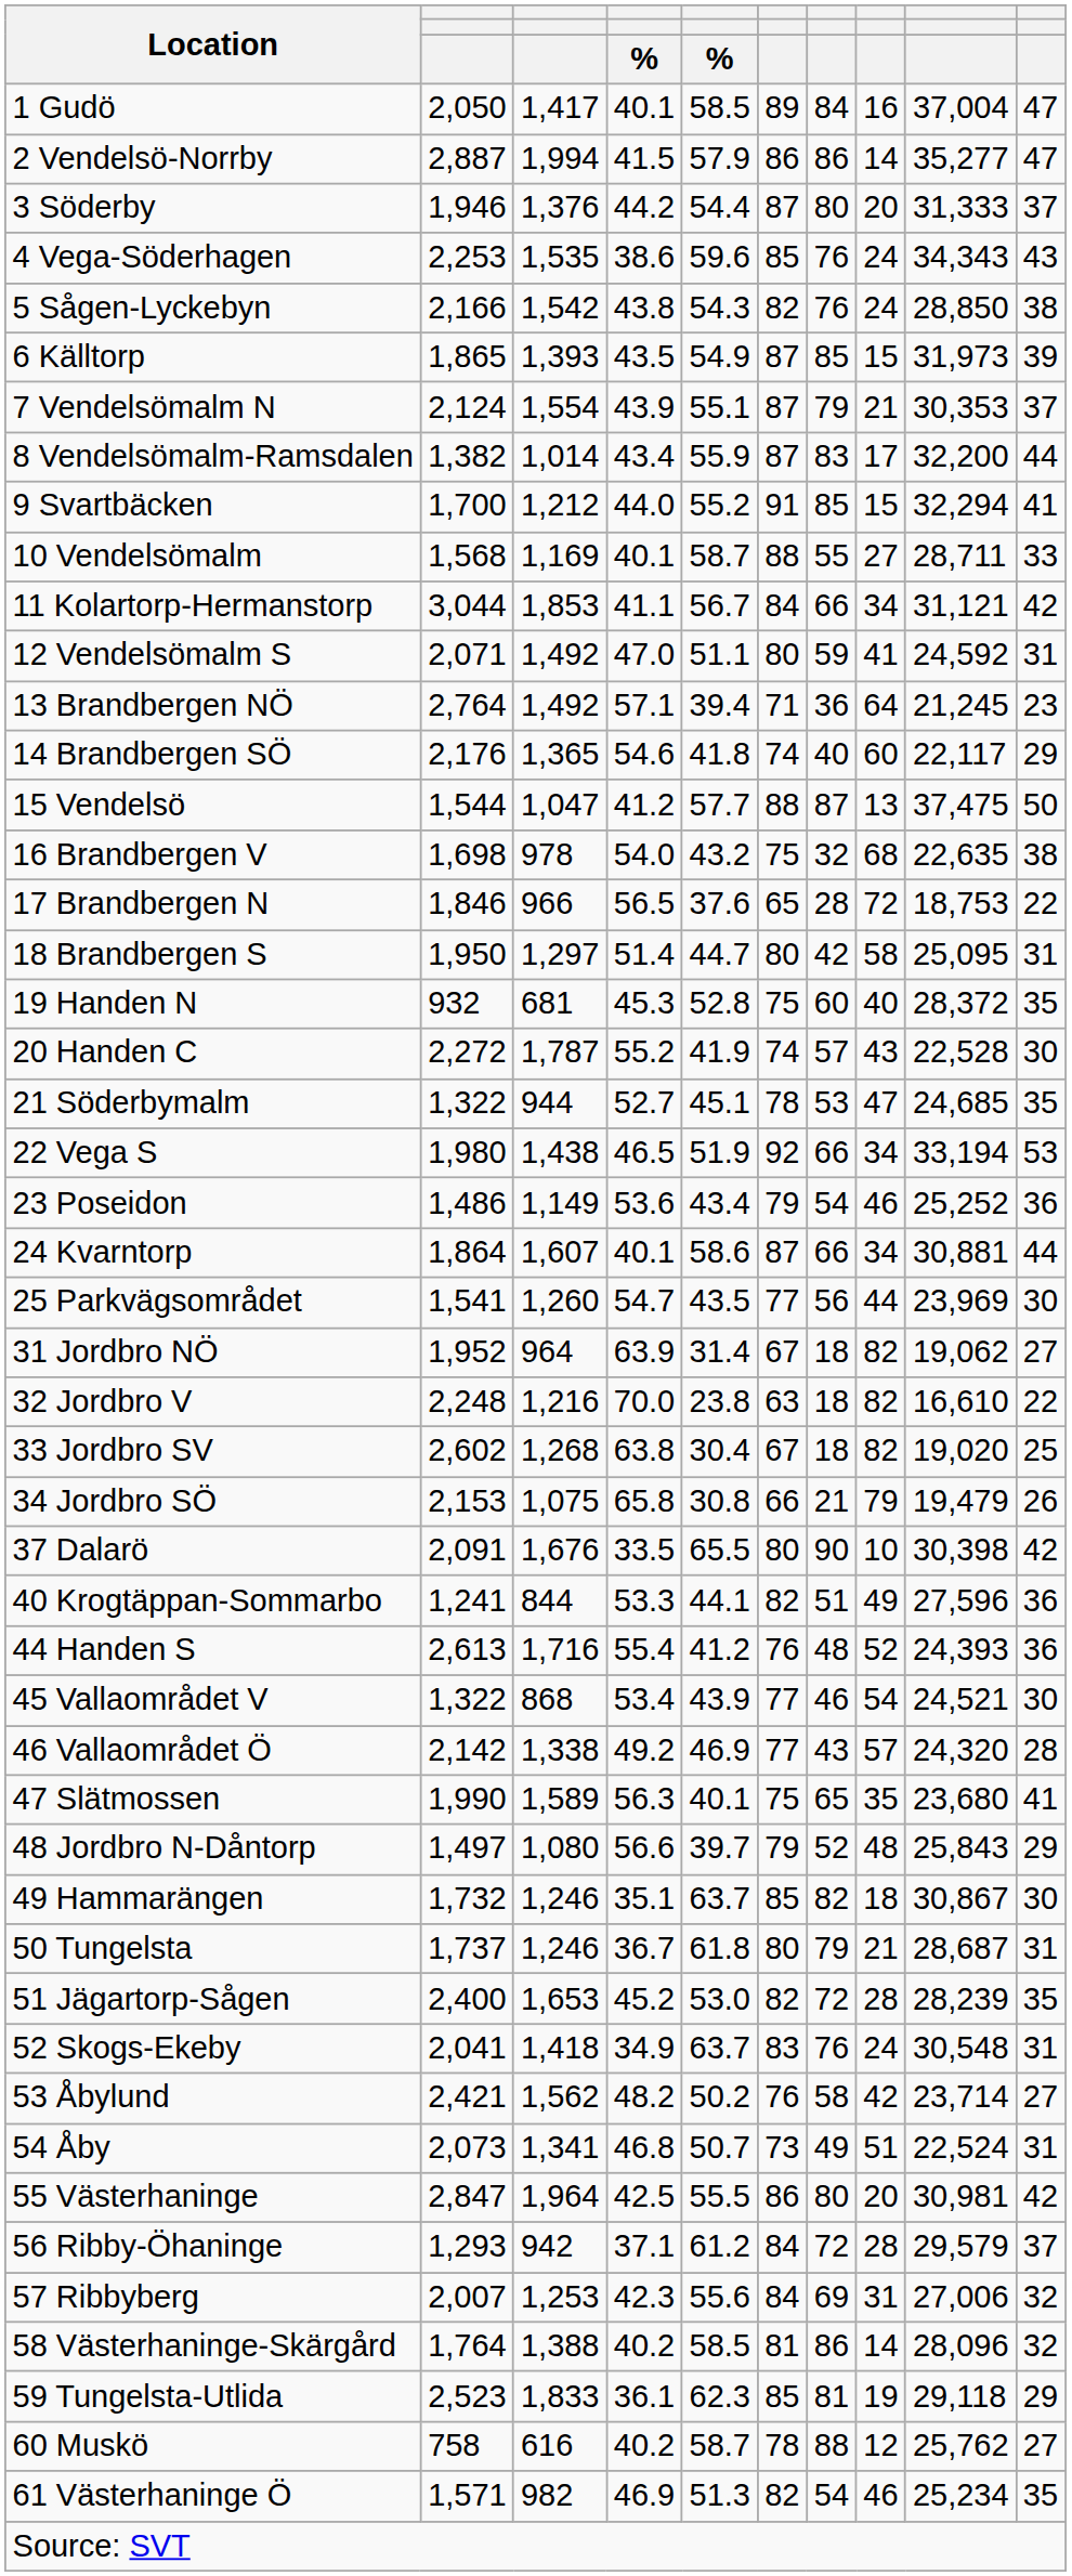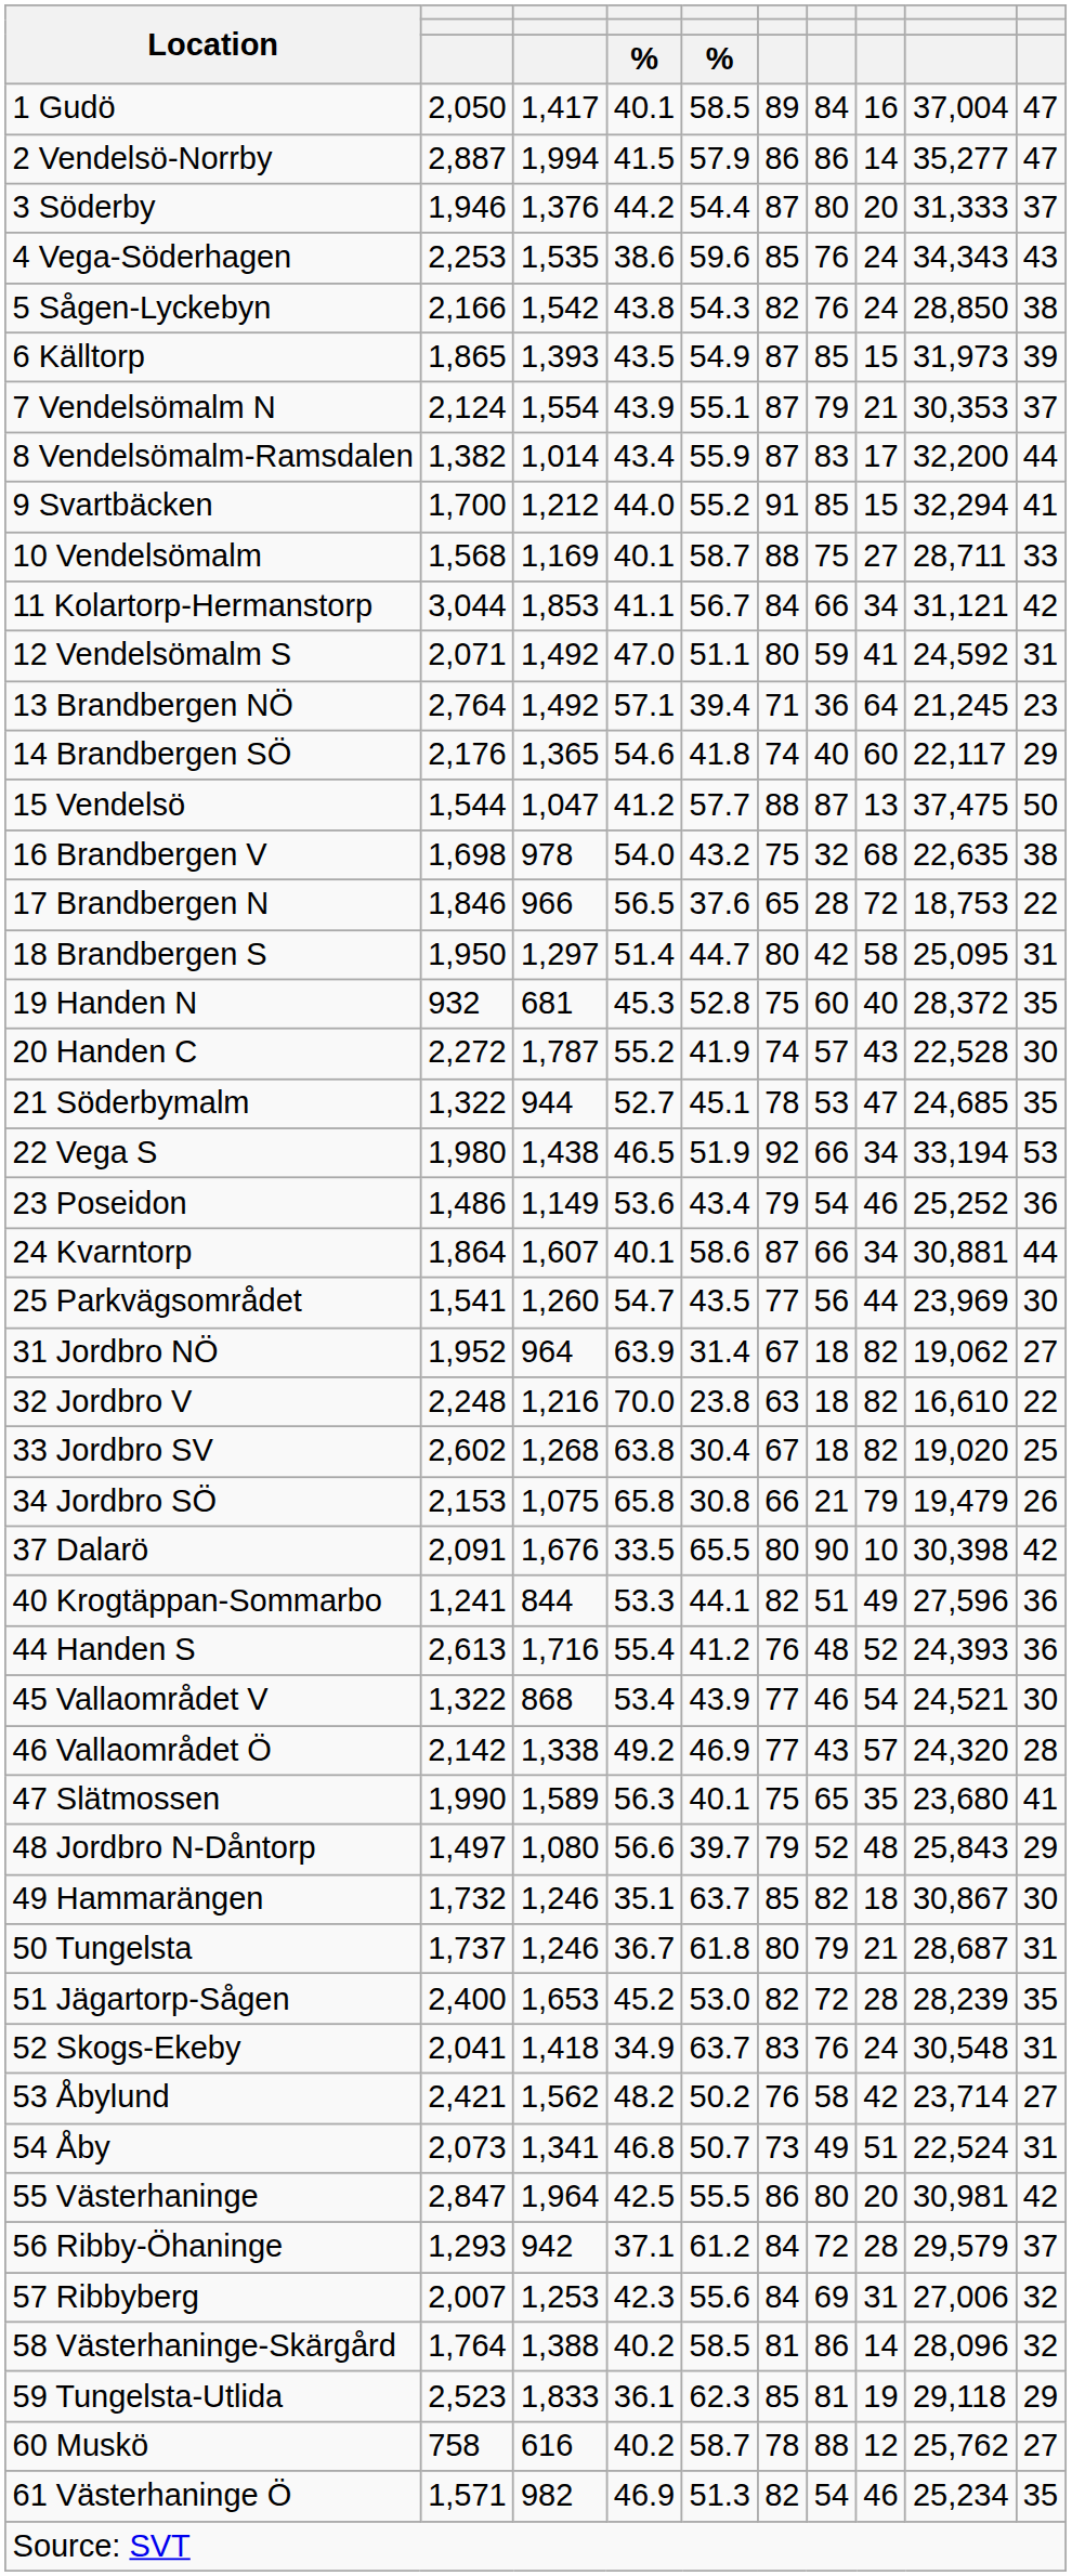 <table role="presentation" class="wikitable sortable mw-collapsible mw-collapsed">
 <tr>
 <th rowspan="3">Location</th>
 <th></th>
 <th></th>
 <th></th>
 <th></th>
 <th></th>
 <th></th>
 <th></th>
 <th></th>
 <th></th>
 </tr>
 <tr>
 <th></th>
 <th></th>
 <th style="background:"></th>
 <th style="background:"></th>
 <th></th>
 <th></th>
 <th></th>
 <th></th>
 <th></th>
 </tr>
 <tr>
 <th data-sort-type="number"></th>
 <th data-sort-type="number"></th>
 <th data-sort-type="number">%</th>
 <th data-sort-type="number">%</th>
 <th data-sort-type="number"></th>
 <th data-sort-type="number"></th>
 <th data-sort-type="number"></th>
 <th data-sort-type="number"></th>
 <th data-sort-type="number"></th>
 </tr>
 <tr>
 <td align="left">1 Gudö</td>
 <td>2,050</td>
 <td>1,417</td>
 <td>40.1</td>
 <td>58.5</td>
 <td>89</td>
 <td>84</td>
 <td>16</td>
 <td>37,004</td>
 <td>47</td>
 </tr>
 <tr>
 <td align="left">2 Vendelsö-Norrby</td>
 <td>2,887</td>
 <td>1,994</td>
 <td>41.5</td>
 <td>57.9</td>
 <td>86</td>
 <td>86</td>
 <td>14</td>
 <td>35,277</td>
 <td>47</td>
 </tr>
 <tr>
 <td align="left">3 Söderby</td>
 <td>1,946</td>
 <td>1,376</td>
 <td>44.2</td>
 <td>54.4</td>
 <td>87</td>
 <td>80</td>
 <td>20</td>
 <td>31,333</td>
 <td>37</td>
 </tr>
 <tr>
 <td align="left">4 Vega-Söderhagen</td>
 <td>2,253</td>
 <td>1,535</td>
 <td>38.6</td>
 <td>59.6</td>
 <td>85</td>
 <td>76</td>
 <td>24</td>
 <td>34,343</td>
 <td>43</td>
 </tr>
 <tr>
 <td align="left">5 Sågen-Lyckebyn</td>
 <td>2,166</td>
 <td>1,542</td>
 <td>43.8</td>
 <td>54.3</td>
 <td>82</td>
 <td>76</td>
 <td>24</td>
 <td>28,850</td>
 <td>38</td>
 </tr>
 <tr>
 <td align="left">6 Källtorp</td>
 <td>1,865</td>
 <td>1,393</td>
 <td>43.5</td>
 <td>54.9</td>
 <td>87</td>
 <td>85</td>
 <td>15</td>
 <td>31,973</td>
 <td>39</td>
 </tr>
 <tr>
 <td align="left">7 Vendelsömalm N</td>
 <td>2,124</td>
 <td>1,554</td>
 <td>43.9</td>
 <td>55.1</td>
 <td>87</td>
 <td>79</td>
 <td>21</td>
 <td>30,353</td>
 <td>37</td>
 </tr>
 <tr>
 <td align="left">8 Vendelsömalm-Ramsdalen</td>
 <td>1,382</td>
 <td>1,014</td>
 <td>43.4</td>
 <td>55.9</td>
 <td>87</td>
 <td>83</td>
 <td>17</td>
 <td>32,200</td>
 <td>44</td>
 </tr>
 <tr>
 <td align="left">9 Svartbäcken</td>
 <td>1,700</td>
 <td>1,212</td>
 <td>44.0</td>
 <td>55.2</td>
 <td>91</td>
 <td>85</td>
 <td>15</td>
 <td>32,294</td>
 <td>41</td>
 </tr>
 <tr>
 <td align="left">10 Vendelsömalm</td>
 <td>1,568</td>
 <td>1,169</td>
 <td>40.1</td>
 <td>58.7</td>
 <td>88</td>
-<td>55</td>
+<td>75</td>
 <td>27</td>
 <td>28,711</td>
 <td>33</td>
 </tr>
 <tr>
 <td align="left">11 Kolartorp-Hermanstorp</td>
 <td>3,044</td>
 <td>1,853</td>
 <td>41.1</td>
 <td>56.7</td>
 <td>84</td>
 <td>66</td>
 <td>34</td>
 <td>31,121</td>
 <td>42</td>
 </tr>
 <tr>
 <td align="left">12 Vendelsömalm S</td>
 <td>2,071</td>
 <td>1,492</td>
 <td>47.0</td>
 <td>51.1</td>
 <td>80</td>
 <td>59</td>
 <td>41</td>
 <td>24,592</td>
 <td>31</td>
 </tr>
 <tr>
 <td align="left">13 Brandbergen NÖ</td>
 <td>2,764</td>
 <td>1,492</td>
 <td>57.1</td>
 <td>39.4</td>
 <td>71</td>
 <td>36</td>
 <td>64</td>
 <td>21,245</td>
 <td>23</td>
 </tr>
 <tr>
 <td align="left">14 Brandbergen SÖ</td>
 <td>2,176</td>
 <td>1,365</td>
 <td>54.6</td>
 <td>41.8</td>
 <td>74</td>
 <td>40</td>
 <td>60</td>
 <td>22,117</td>
 <td>29</td>
 </tr>
 <tr>
 <td align="left">15 Vendelsö</td>
 <td>1,544</td>
 <td>1,047</td>
 <td>41.2</td>
 <td>57.7</td>
 <td>88</td>
 <td>87</td>
 <td>13</td>
 <td>37,475</td>
 <td>50</td>
 </tr>
 <tr>
 <td align="left">16 Brandbergen V</td>
 <td>1,698</td>
 <td>978</td>
 <td>54.0</td>
 <td>43.2</td>
 <td>75</td>
 <td>32</td>
 <td>68</td>
 <td>22,635</td>
 <td>38</td>
 </tr>
 <tr>
 <td align="left">17 Brandbergen N</td>
 <td>1,846</td>
 <td>966</td>
 <td>56.5</td>
 <td>37.6</td>
 <td>65</td>
 <td>28</td>
 <td>72</td>
 <td>18,753</td>
 <td>22</td>
 </tr>
 <tr>
 <td align="left">18 Brandbergen S</td>
 <td>1,950</td>
 <td>1,297</td>
 <td>51.4</td>
 <td>44.7</td>
 <td>80</td>
 <td>42</td>
 <td>58</td>
 <td>25,095</td>
 <td>31</td>
 </tr>
 <tr>
 <td align="left">19 Handen N</td>
 <td>932</td>
 <td>681</td>
 <td>45.3</td>
 <td>52.8</td>
 <td>75</td>
 <td>60</td>
 <td>40</td>
 <td>28,372</td>
 <td>35</td>
 </tr>
 <tr>
 <td align="left">20 Handen C</td>
 <td>2,272</td>
 <td>1,787</td>
 <td>55.2</td>
 <td>41.9</td>
 <td>74</td>
 <td>57</td>
 <td>43</td>
 <td>22,528</td>
 <td>30</td>
 </tr>
 <tr>
 <td align="left">21 Söderbymalm</td>
 <td>1,322</td>
 <td>944</td>
 <td>52.7</td>
 <td>45.1</td>
 <td>78</td>
 <td>53</td>
 <td>47</td>
 <td>24,685</td>
 <td>35</td>
 </tr>
 <tr>
 <td align="left">22 Vega S</td>
 <td>1,980</td>
 <td>1,438</td>
 <td>46.5</td>
 <td>51.9</td>
 <td>92</td>
 <td>66</td>
 <td>34</td>
 <td>33,194</td>
 <td>53</td>
 </tr>
 <tr>
 <td align="left">23 Poseidon</td>
 <td>1,486</td>
 <td>1,149</td>
 <td>53.6</td>
 <td>43.4</td>
 <td>79</td>
 <td>54</td>
 <td>46</td>
 <td>25,252</td>
 <td>36</td>
 </tr>
 <tr>
 <td align="left">24 Kvarntorp</td>
 <td>1,864</td>
 <td>1,607</td>
 <td>40.1</td>
 <td>58.6</td>
 <td>87</td>
 <td>66</td>
 <td>34</td>
 <td>30,881</td>
 <td>44</td>
 </tr>
 <tr>
 <td align="left">25 Parkvägsområdet</td>
 <td>1,541</td>
 <td>1,260</td>
 <td>54.7</td>
 <td>43.5</td>
 <td>77</td>
 <td>56</td>
 <td>44</td>
 <td>23,969</td>
 <td>30</td>
 </tr>
 <tr>
 <td align="left">31 Jordbro NÖ</td>
 <td>1,952</td>
 <td>964</td>
 <td>63.9</td>
 <td>31.4</td>
 <td>67</td>
 <td>18</td>
 <td>82</td>
 <td>19,062</td>
 <td>27</td>
 </tr>
 <tr>
 <td align="left">32 Jordbro V</td>
 <td>2,248</td>
 <td>1,216</td>
 <td>70.0</td>
 <td>23.8</td>
 <td>63</td>
 <td>18</td>
 <td>82</td>
 <td>16,610</td>
 <td>22</td>
 </tr>
 <tr>
 <td align="left">33 Jordbro SV</td>
 <td>2,602</td>
 <td>1,268</td>
 <td>63.8</td>
 <td>30.4</td>
 <td>67</td>
 <td>18</td>
 <td>82</td>
 <td>19,020</td>
 <td>25</td>
 </tr>
 <tr>
 <td align="left">34 Jordbro SÖ</td>
 <td>2,153</td>
 <td>1,075</td>
 <td>65.8</td>
 <td>30.8</td>
 <td>66</td>
 <td>21</td>
 <td>79</td>
 <td>19,479</td>
 <td>26</td>
 </tr>
 <tr>
 <td align="left">37 Dalarö</td>
 <td>2,091</td>
 <td>1,676</td>
 <td>33.5</td>
 <td>65.5</td>
 <td>80</td>
 <td>90</td>
 <td>10</td>
 <td>30,398</td>
 <td>42</td>
 </tr>
 <tr>
 <td align="left">40 Krogtäppan-Sommarbo</td>
 <td>1,241</td>
 <td>844</td>
 <td>53.3</td>
 <td>44.1</td>
 <td>82</td>
 <td>51</td>
 <td>49</td>
 <td>27,596</td>
 <td>36</td>
 </tr>
 <tr>
 <td align="left">44 Handen S</td>
 <td>2,613</td>
 <td>1,716</td>
 <td>55.4</td>
 <td>41.2</td>
 <td>76</td>
 <td>48</td>
 <td>52</td>
 <td>24,393</td>
 <td>36</td>
 </tr>
 <tr>
 <td align="left">45 Vallaområdet V</td>
 <td>1,322</td>
 <td>868</td>
 <td>53.4</td>
 <td>43.9</td>
 <td>77</td>
 <td>46</td>
 <td>54</td>
 <td>24,521</td>
 <td>30</td>
 </tr>
 <tr>
 <td align="left">46 Vallaområdet Ö</td>
 <td>2,142</td>
 <td>1,338</td>
 <td>49.2</td>
 <td>46.9</td>
 <td>77</td>
 <td>43</td>
 <td>57</td>
 <td>24,320</td>
 <td>28</td>
 </tr>
 <tr>
 <td align="left">47 Slätmossen</td>
 <td>1,990</td>
 <td>1,589</td>
 <td>56.3</td>
 <td>40.1</td>
 <td>75</td>
 <td>65</td>
 <td>35</td>
 <td>23,680</td>
 <td>41</td>
 </tr>
 <tr>
 <td align="left">48 Jordbro N-Dåntorp</td>
 <td>1,497</td>
 <td>1,080</td>
 <td>56.6</td>
 <td>39.7</td>
 <td>79</td>
 <td>52</td>
 <td>48</td>
 <td>25,843</td>
 <td>29</td>
 </tr>
 <tr>
 <td align="left">49 Hammarängen</td>
 <td>1,732</td>
 <td>1,246</td>
 <td>35.1</td>
 <td>63.7</td>
 <td>85</td>
 <td>82</td>
 <td>18</td>
 <td>30,867</td>
 <td>30</td>
 </tr>
 <tr>
 <td align="left">50 Tungelsta</td>
 <td>1,737</td>
 <td>1,246</td>
 <td>36.7</td>
 <td>61.8</td>
 <td>80</td>
 <td>79</td>
 <td>21</td>
 <td>28,687</td>
 <td>31</td>
 </tr>
 <tr>
 <td align="left">51 Jägartorp-Sågen</td>
 <td>2,400</td>
 <td>1,653</td>
 <td>45.2</td>
 <td>53.0</td>
 <td>82</td>
 <td>72</td>
 <td>28</td>
 <td>28,239</td>
 <td>35</td>
 </tr>
 <tr>
 <td align="left">52 Skogs-Ekeby</td>
 <td>2,041</td>
 <td>1,418</td>
 <td>34.9</td>
 <td>63.7</td>
 <td>83</td>
 <td>76</td>
 <td>24</td>
 <td>30,548</td>
 <td>31</td>
 </tr>
 <tr>
 <td align="left">53 Åbylund</td>
 <td>2,421</td>
 <td>1,562</td>
 <td>48.2</td>
 <td>50.2</td>
 <td>76</td>
 <td>58</td>
 <td>42</td>
 <td>23,714</td>
 <td>27</td>
 </tr>
 <tr>
 <td align="left">54 Åby</td>
 <td>2,073</td>
 <td>1,341</td>
 <td>46.8</td>
 <td>50.7</td>
 <td>73</td>
 <td>49</td>
 <td>51</td>
 <td>22,524</td>
 <td>31</td>
 </tr>
 <tr>
 <td align="left">55 Västerhaninge</td>
 <td>2,847</td>
 <td>1,964</td>
 <td>42.5</td>
 <td>55.5</td>
 <td>86</td>
 <td>80</td>
 <td>20</td>
 <td>30,981</td>
 <td>42</td>
 </tr>
 <tr>
 <td align="left">56 Ribby-Öhaninge</td>
 <td>1,293</td>
 <td>942</td>
 <td>37.1</td>
 <td>61.2</td>
 <td>84</td>
 <td>72</td>
 <td>28</td>
 <td>29,579</td>
 <td>37</td>
 </tr>
 <tr>
 <td align="left">57 Ribbyberg</td>
 <td>2,007</td>
 <td>1,253</td>
 <td>42.3</td>
 <td>55.6</td>
 <td>84</td>
 <td>69</td>
 <td>31</td>
 <td>27,006</td>
 <td>32</td>
 </tr>
 <tr>
 <td align="left">58 Västerhaninge-Skärgård</td>
 <td>1,764</td>
 <td>1,388</td>
 <td>40.2</td>
 <td>58.5</td>
 <td>81</td>
 <td>86</td>
 <td>14</td>
 <td>28,096</td>
 <td>32</td>
 </tr>
 <tr>
 <td align="left">59 Tungelsta-Utlida</td>
 <td>2,523</td>
 <td>1,833</td>
 <td>36.1</td>
 <td>62.3</td>
 <td>85</td>
 <td>81</td>
 <td>19</td>
 <td>29,118</td>
 <td>29</td>
 </tr>
 <tr>
 <td align="left">60 Muskö</td>
 <td>758</td>
 <td>616</td>
 <td>40.2</td>
 <td>58.7</td>
 <td>78</td>
 <td>88</td>
 <td>12</td>
 <td>25,762</td>
 <td>27</td>
 </tr>
 <tr>
 <td align="left">61 Västerhaninge Ö</td>
 <td>1,571</td>
 <td>982</td>
 <td>46.9</td>
 <td>51.3</td>
 <td>82</td>
 <td>54</td>
 <td>46</td>
 <td>25,234</td>
 <td>35</td>
 </tr>
 <tr>
 <td colspan="10" align="left">Source: <a href='#'>SVT</a></td>
 </tr>
 </table>
